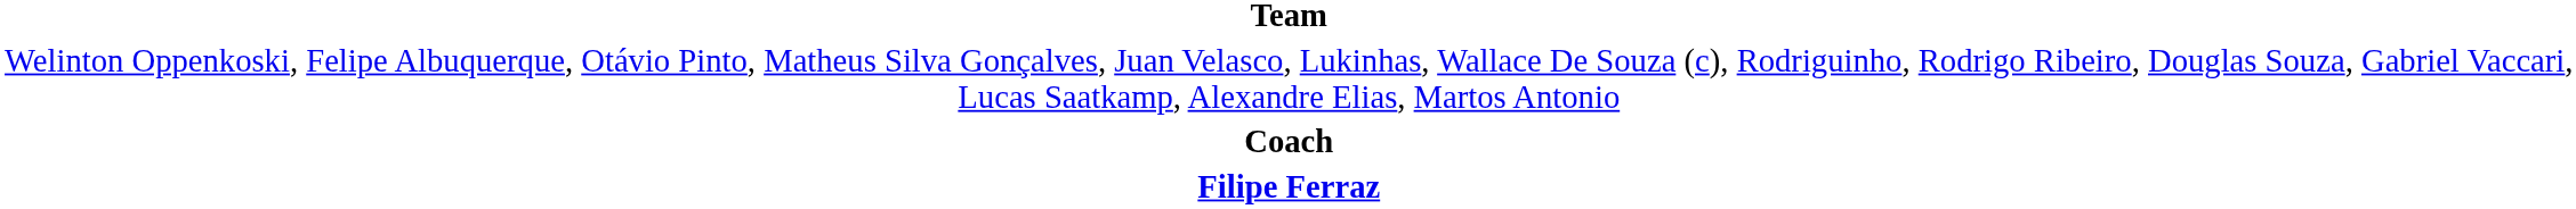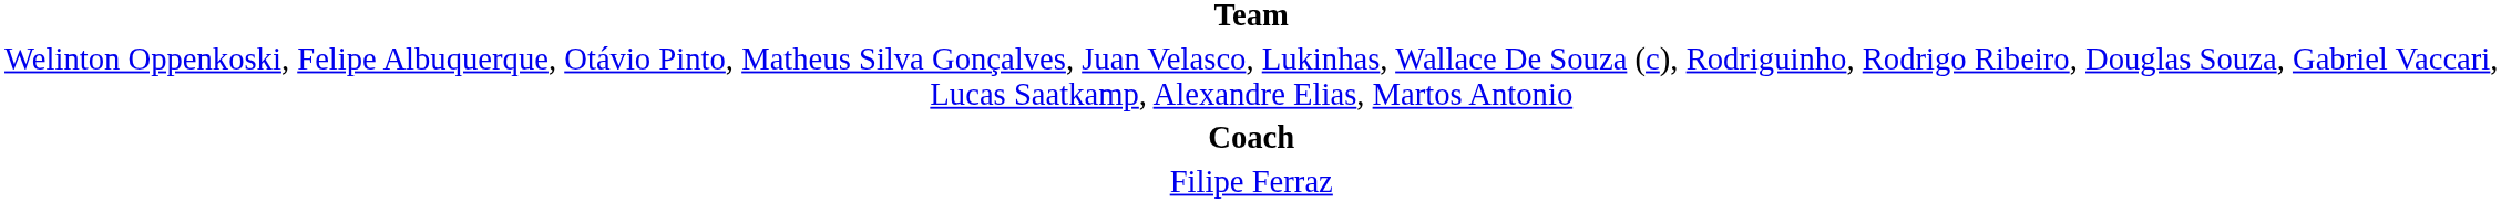 <table style="text-align:center; margin-top:2em; margin-left:auto; margin-right:auto">
 <tr>
 <td><strong>Team</strong></td>
 </tr>
 <tr>
 <td><a href='#'>Welinton Oppenkoski</a>, <a href='#'>Felipe Albuquerque</a>, <a href='#'>Otávio Pinto</a>, <a href='#'>Matheus Silva Gonçalves</a>, <a href='#'>Juan Velasco</a>, <a href='#'>Lukinhas</a>, <a href='#'>Wallace De Souza</a> (<a href='#'>c</a>), <a href='#'>Rodriguinho</a>, <a href='#'>Rodrigo Ribeiro</a>, <a href='#'>Douglas Souza</a>, <a href='#'>Gabriel Vaccari</a>, <a href='#'>Lucas Saatkamp</a>, <a href='#'>Alexandre Elias</a>, <a href='#'>Martos Antonio</a></td>
 </tr>
 <tr>
 <td><strong>Coach</strong></td>
 </tr>
 <tr>
-<td><strong> <a href='#'>Filipe Ferraz</a></strong></td>
+<td> <a href='#'>Filipe Ferraz</a></td>
 </tr>
 </table>
